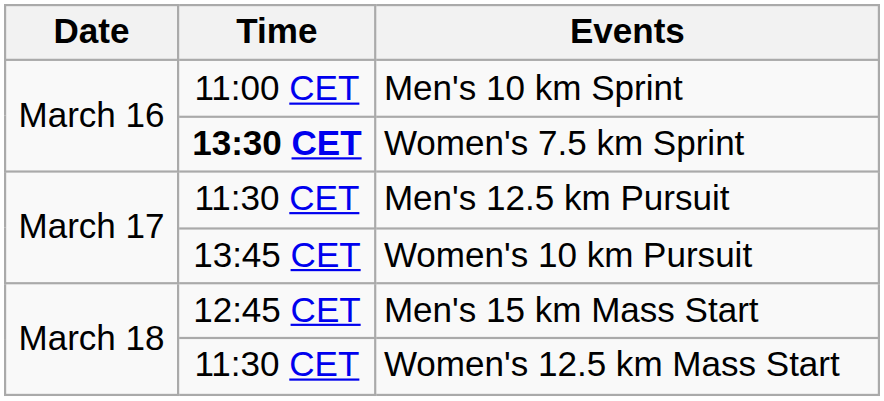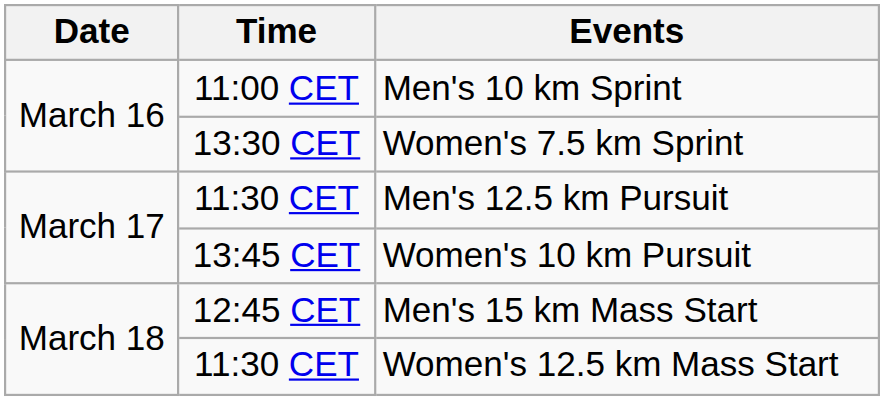 <table class="wikitable" style="text-align: center" width="400">
 <tr>
 <th>Date</th>
 <th>Time</th>
 <th>Events</th>
 </tr>
 <tr>
 <td rowspan="2">March 16</td>
 <td>11:00 <a href='#'>CET</a></td>
 <td style="text-align: left">Men's 10 km Sprint</td>
 </tr>
 <tr>
-<td><strong>13:30 <a href='#'>CET</a></strong></td>
+<td>13:30 <a href='#'>CET</a></td>
 <td style="text-align: left">Women's 7.5 km Sprint</td>
 </tr>
 <tr>
 <td rowspan="2">March 17</td>
 <td>11:30 <a href='#'>CET</a></td>
 <td style="text-align: left">Men's 12.5 km Pursuit</td>
 </tr>
 <tr>
 <td>13:45 <a href='#'>CET</a></td>
 <td style="text-align: left">Women's 10 km Pursuit</td>
 </tr>
 <tr>
 <td rowspan="2">March 18</td>
 <td>12:45 <a href='#'>CET</a></td>
 <td style="text-align: left">Men's 15 km Mass Start</td>
 </tr>
 <tr>
 <td>11:30 <a href='#'>CET</a></td>
 <td style="text-align: left">Women's 12.5 km Mass Start</td>
 </tr>
 </table>
